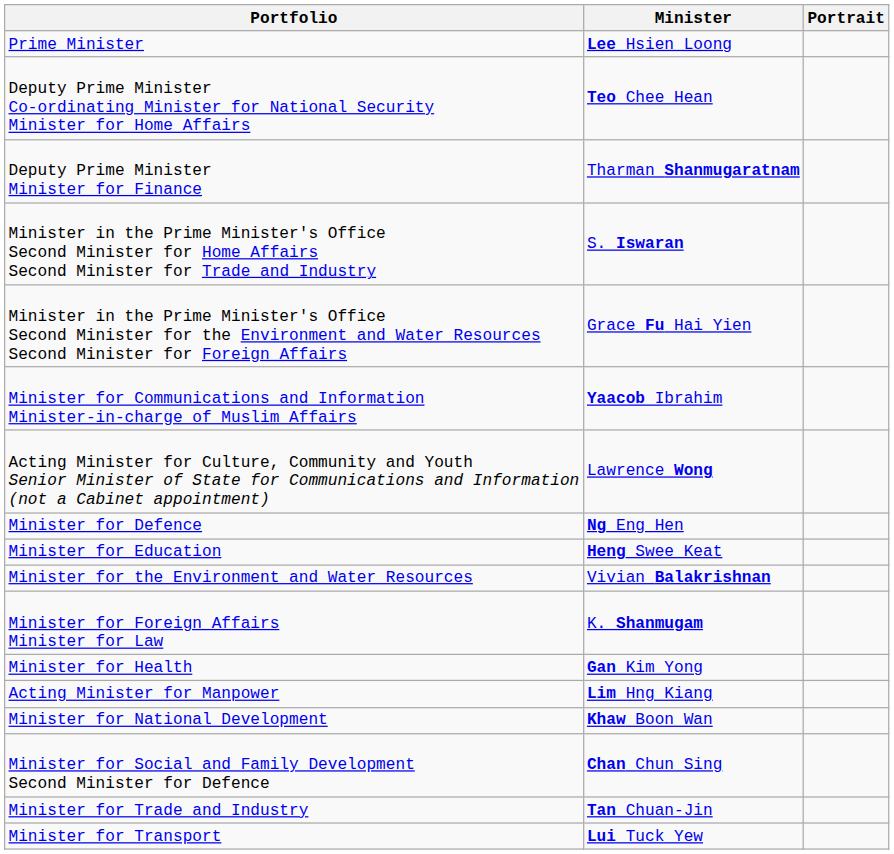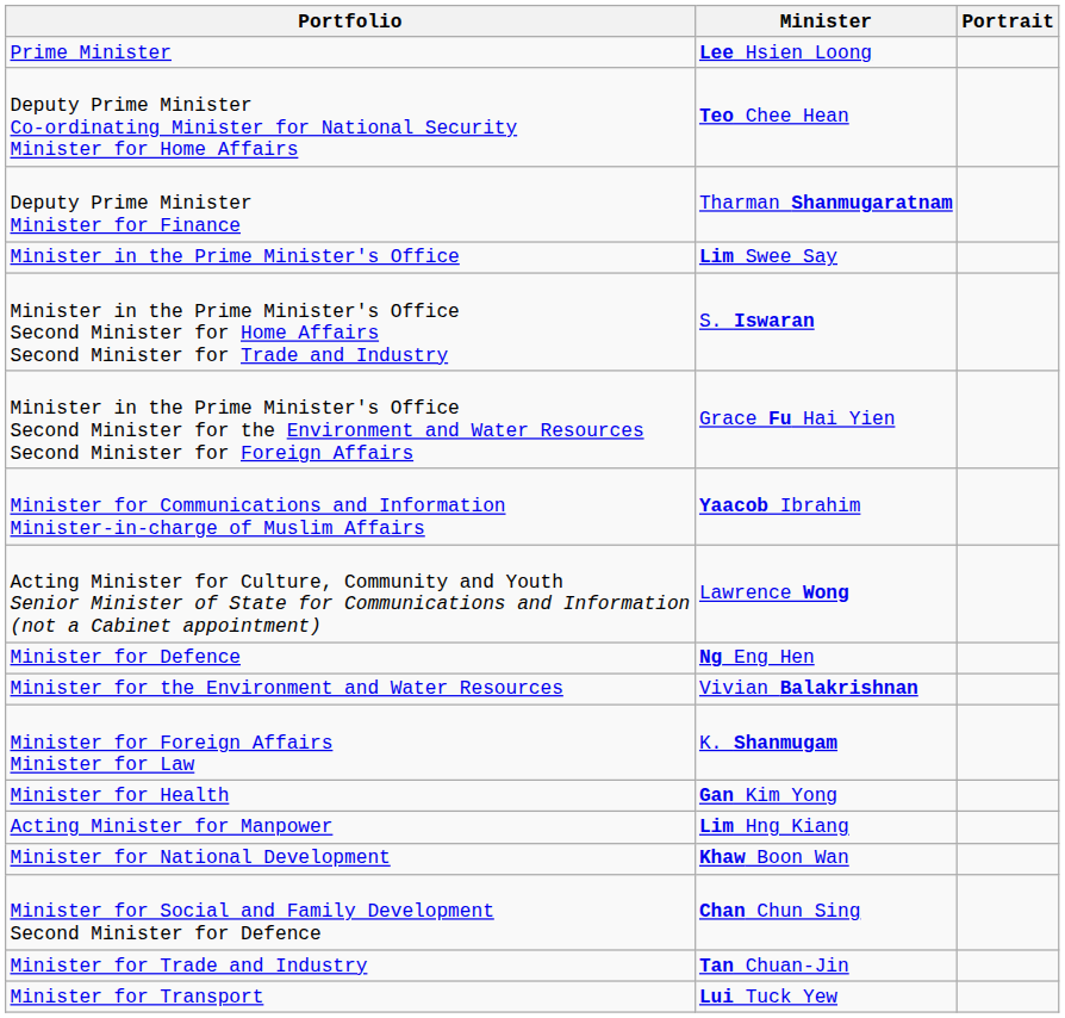 <table class="wikitable" style="margin: 1em auto 1em auto">
 <tr>
 <th>Portfolio</th>
 <th>Minister</th>
 <th>Portrait</th>
 </tr>
 <tr>
 <td><a href='#'>Prime Minister</a></td>
 <td><a href='#'><strong>Lee</strong> Hsien Loong</a></td>
 <td></td>
 </tr>
 <tr>
 <td><br>Deputy Prime Minister<br> <a href='#'>Co-ordinating Minister for National Security</a><br> <a href='#'>Minister for Home Affairs</a></td>
 <td><a href='#'><strong>Teo</strong> Chee Hean</a></td>
 <td></td>
 </tr>
 <tr>
 <td><br>Deputy Prime Minister<br> <a href='#'>Minister for Finance</a></td>
 <td><a href='#'>Tharman <strong>Shanmugaratnam</strong></a></td>
+<td></td>
+</tr>
+<tr>
+<td><a href='#'>Minister in the Prime Minister's Office</a></td>
+<td><a href='#'><strong>Lim</strong> Swee Say</a></td>
 <td></td>
 </tr>
 <tr>
 <td><br>Minister in the Prime Minister's Office<br> Second Minister for <a href='#'>Home Affairs</a><br> Second Minister for <a href='#'>Trade and Industry</a></td>
 <td><a href='#'>S. <strong>Iswaran</strong></a></td>
 <td></td>
 </tr>
 <tr>
 <td><br>Minister in the Prime Minister's Office<br> Second Minister for the <a href='#'>Environment and Water Resources</a><br> Second Minister for <a href='#'>Foreign Affairs</a></td>
 <td><a href='#'>Grace <strong>Fu</strong> Hai Yien</a></td>
 <td></td>
 </tr>
 <tr>
 <td><br><a href='#'>Minister for Communications and Information</a><br> <a href='#'>Minister-in-charge of Muslim Affairs</a></td>
 <td><a href='#'><strong>Yaacob</strong> Ibrahim</a></td>
 <td></td>
 </tr>
 <tr>
 <td><br>Acting Minister for Culture, Community and Youth<br> <em>Senior Minister of State for Communications and Information<br>(not a Cabinet appointment)</em></td>
 <td><a href='#'>Lawrence <strong>Wong</strong></a></td>
 <td></td>
 </tr>
 <tr>
 <td><a href='#'>Minister for Defence</a></td>
 <td><a href='#'><strong>Ng</strong> Eng Hen</a></td>
-<td></td>
-</tr>
-<tr>
-<td><a href='#'>Minister for Education</a></td>
-<td><a href='#'><strong>Heng</strong> Swee Keat</a></td>
 <td></td>
 </tr>
 <tr>
 <td><a href='#'>Minister for the Environment and Water Resources</a></td>
 <td><a href='#'>Vivian <strong>Balakrishnan</strong></a></td>
 <td></td>
 </tr>
 <tr>
 <td><br><a href='#'>Minister for Foreign Affairs</a><br> <a href='#'>Minister for Law</a></td>
 <td><a href='#'>K. <strong>Shanmugam</strong></a></td>
 <td></td>
 </tr>
 <tr>
 <td><a href='#'>Minister for Health</a></td>
 <td><a href='#'><strong>Gan</strong> Kim Yong</a></td>
 <td></td>
 </tr>
 <tr>
 <td><a href='#'>Acting Minister for Manpower</a></td>
 <td><a href='#'><strong>Lim</strong> Hng Kiang</a></td>
 <td></td>
 </tr>
 <tr>
 <td><a href='#'>Minister for National Development</a></td>
 <td><a href='#'><strong>Khaw</strong> Boon Wan</a></td>
 <td></td>
 </tr>
 <tr>
 <td><br><a href='#'>Minister for Social and Family Development</a><br> Second Minister for Defence</td>
 <td><a href='#'><strong>Chan</strong> Chun Sing</a></td>
 <td></td>
 </tr>
 <tr>
 <td><a href='#'>Minister for Trade and Industry</a></td>
 <td><a href='#'><strong>Tan</strong> Chuan-Jin</a></td>
 <td></td>
 </tr>
 <tr>
 <td><a href='#'>Minister for Transport</a><br></td>
 <td><a href='#'><strong>Lui</strong> Tuck Yew</a></td>
 <td></td>
 </tr>
 </table>
